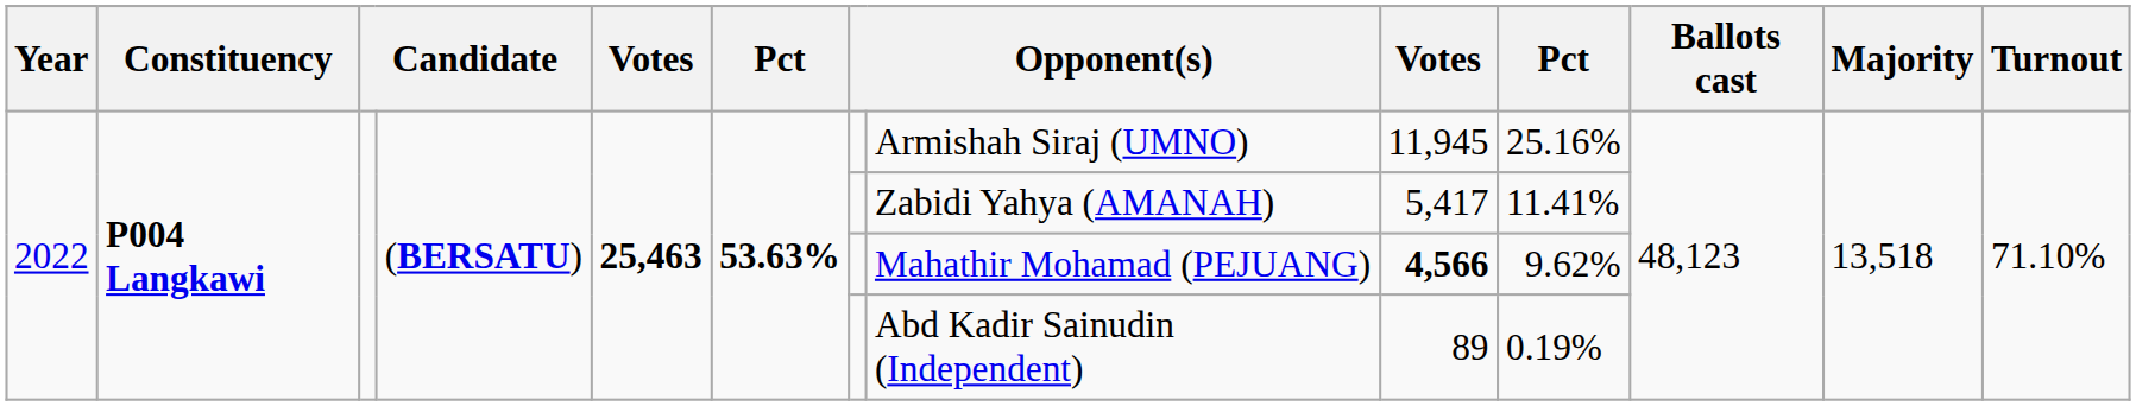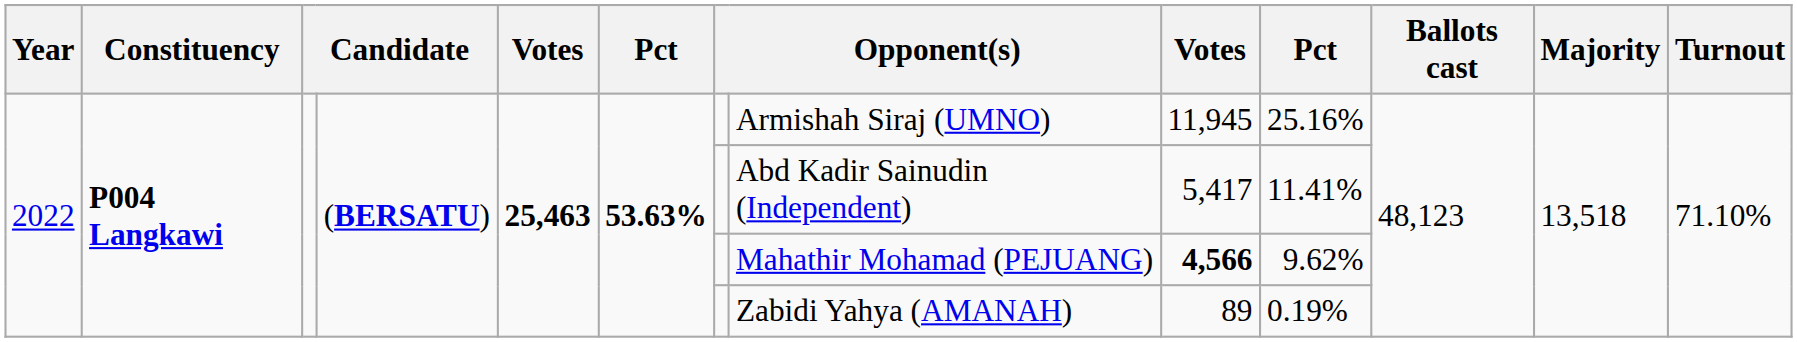 <table class="wikitable" style="margin:0.5em ; font-size:95%">
 <tr>
 <th>Year</th>
 <th>Constituency</th>
 <th colspan=2>Candidate</th>
 <th>Votes</th>
 <th>Pct</th>
 <th colspan=2>Opponent(s)</th>
 <th>Votes</th>
 <th>Pct</th>
 <th>Ballots cast</th>
 <th>Majority</th>
 <th>Turnout</th>
 </tr>
 <tr>
 <td rowspan=4><a href='#'>2022</a></td>
 <td rowspan=4><strong>P004 <a href='#'>Langkawi</a></strong></td>
 <td rowspan=4 bgcolor=></td>
 <td rowspan=4> (<a href='#'><strong>BERSATU</strong></a>)</td>
 <td rowspan=4 align=right><strong>25,463</strong></td>
 <td rowspan=4><strong>53.63%</strong></td>
 <td></td>
 <td>Armishah Siraj (<a href='#'>UMNO</a>)</td>
 <td align=right>11,945</td>
 <td>25.16%</td>
 <td rowspan=4>48,123</td>
 <td rowspan=4>13,518</td>
 <td rowspan=4>71.10%</td>
 </tr>
 <tr>
 <td></td>
-<td>Zabidi Yahya (<a href='#'>AMANAH</a>)</td>
+<td>Abd Kadir Sainudin (<a href='#'>Independent</a>)</td>
 <td align=right>5,417</td>
 <td>11.41%</td>
 </tr>
 <tr>
 <td bgcolor=></td>
 <td><a href='#'>Mahathir Mohamad</a> (<a href='#'>PEJUANG</a>)</td>
 <td align=right><strong>4,566</strong></td>
 <td align=right>9.62%</td>
 </tr>
 <tr>
 <td></td>
-<td>Abd Kadir Sainudin (<a href='#'>Independent</a>)</td>
+<td>Zabidi Yahya (<a href='#'>AMANAH</a>)</td>
 <td align=right>89</td>
 <td>0.19%</td>
 </tr>
 </table>
